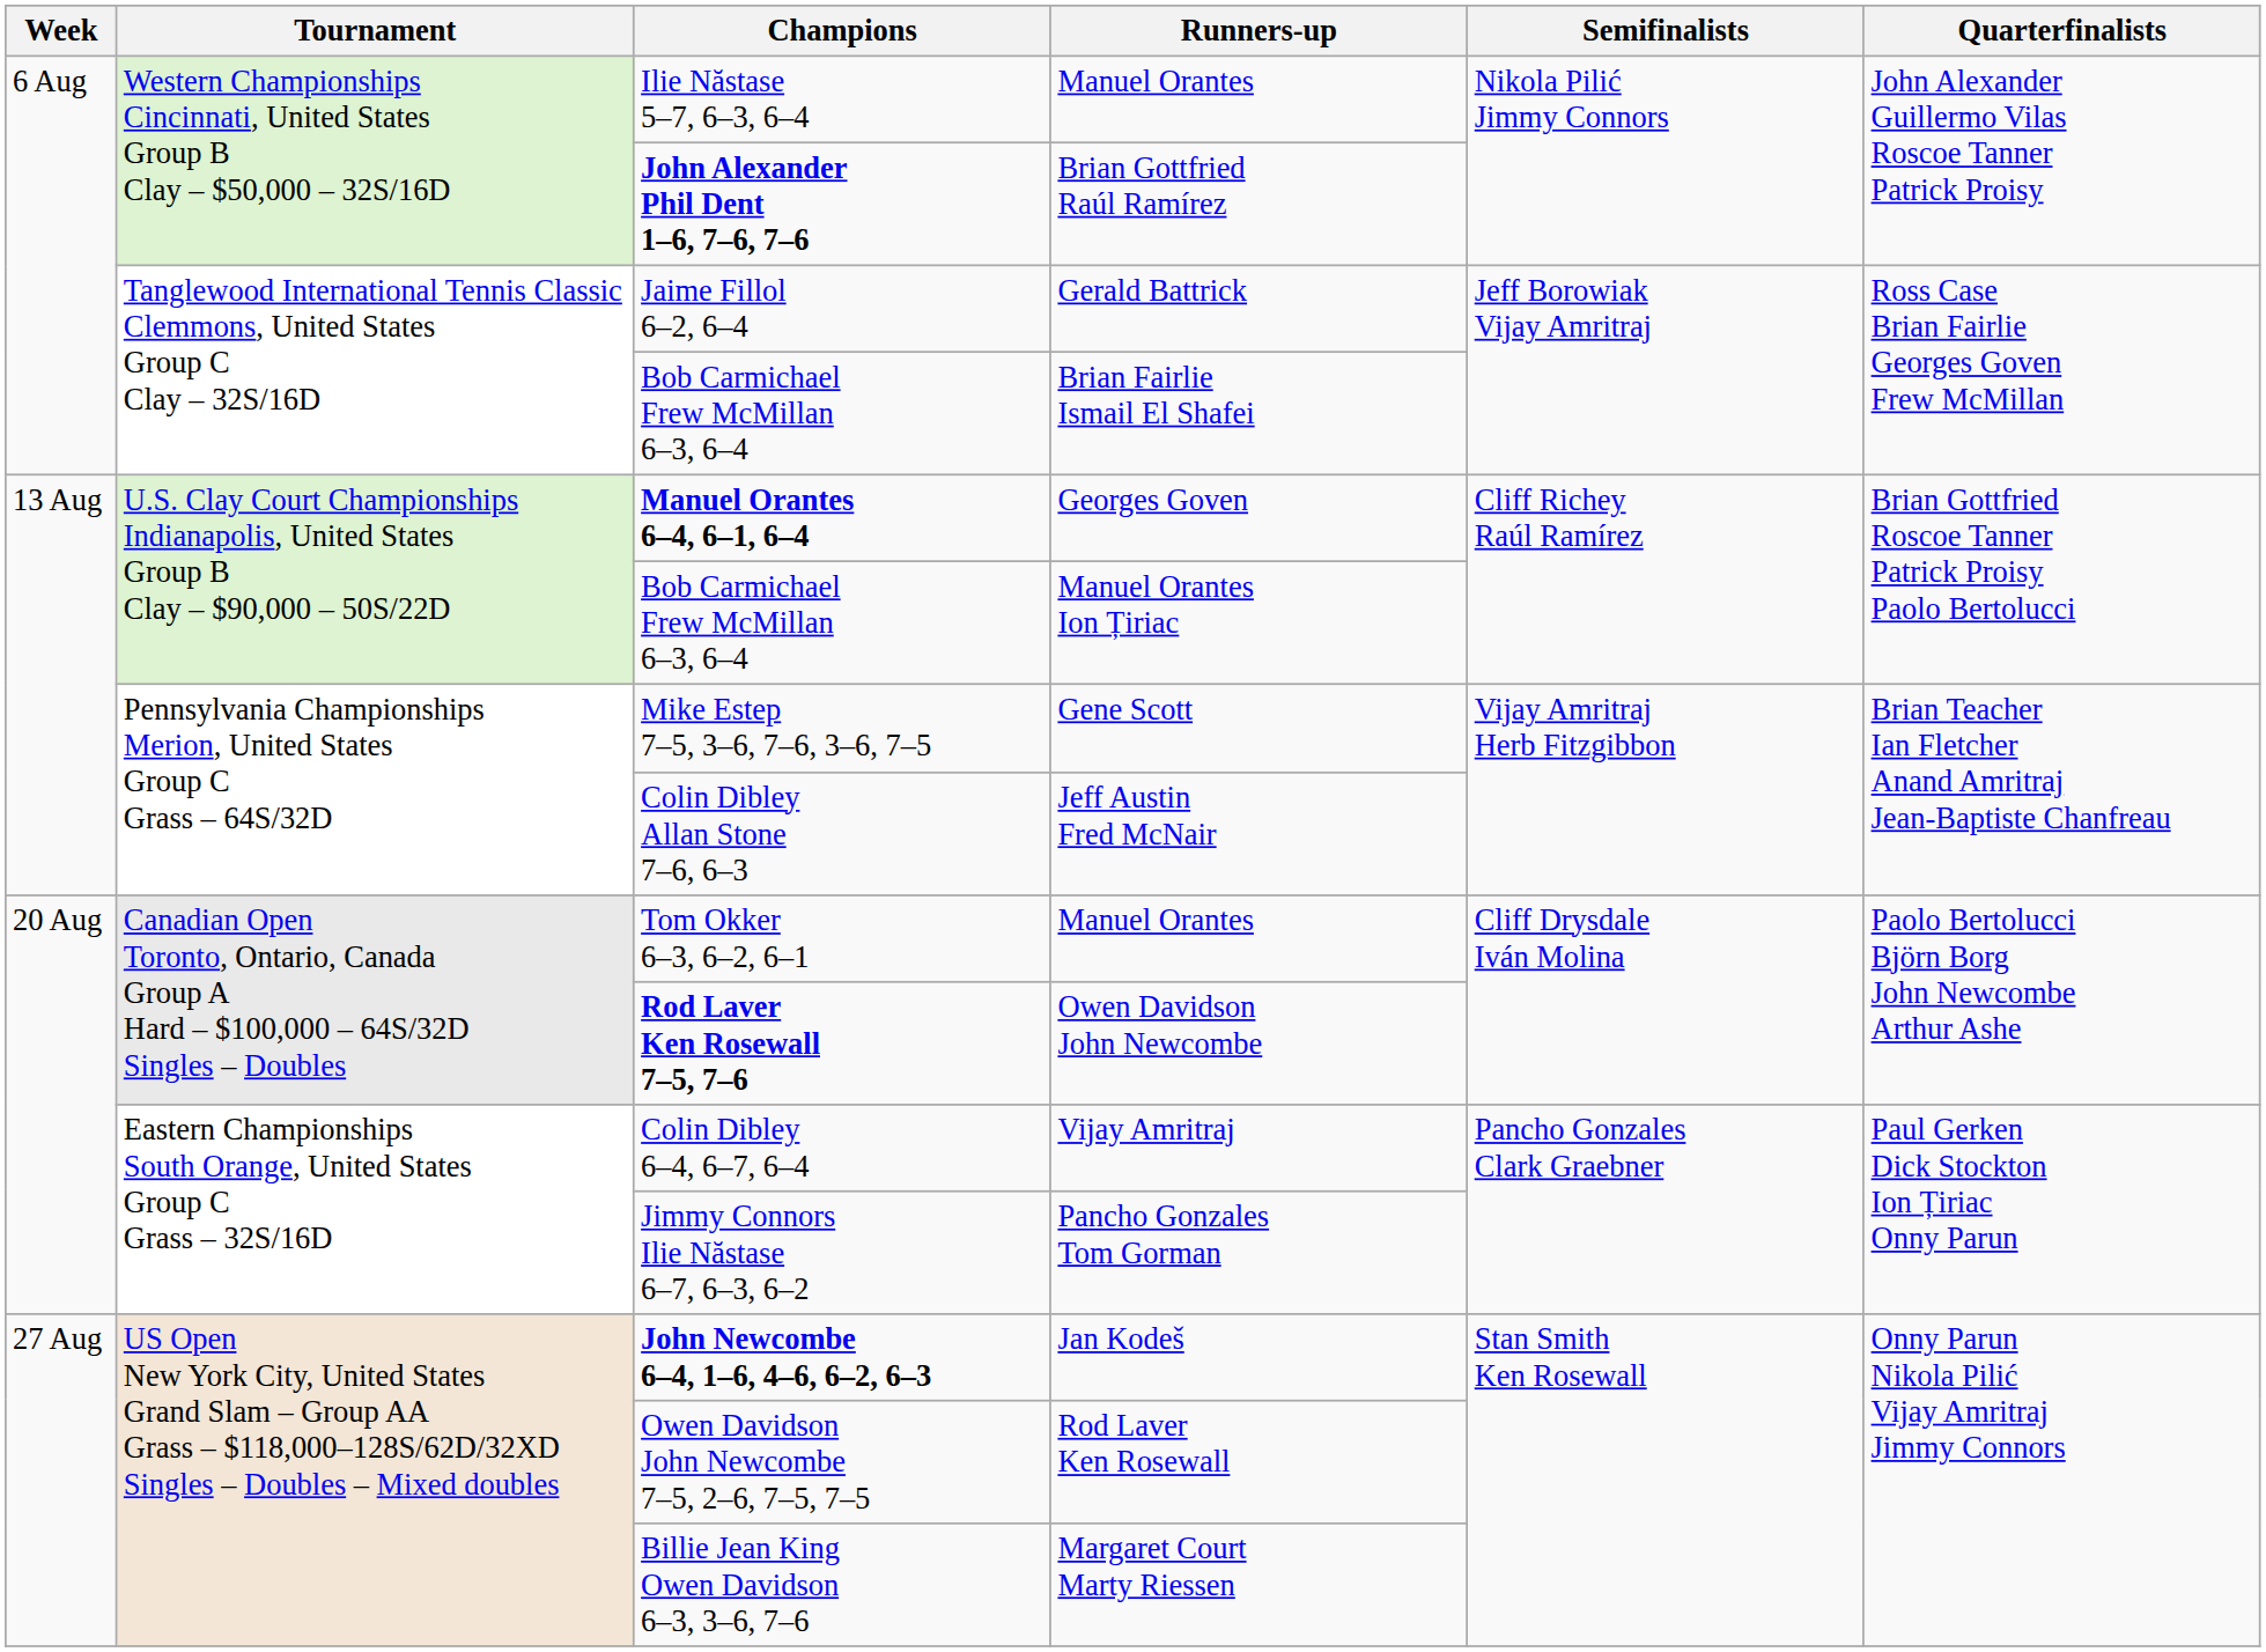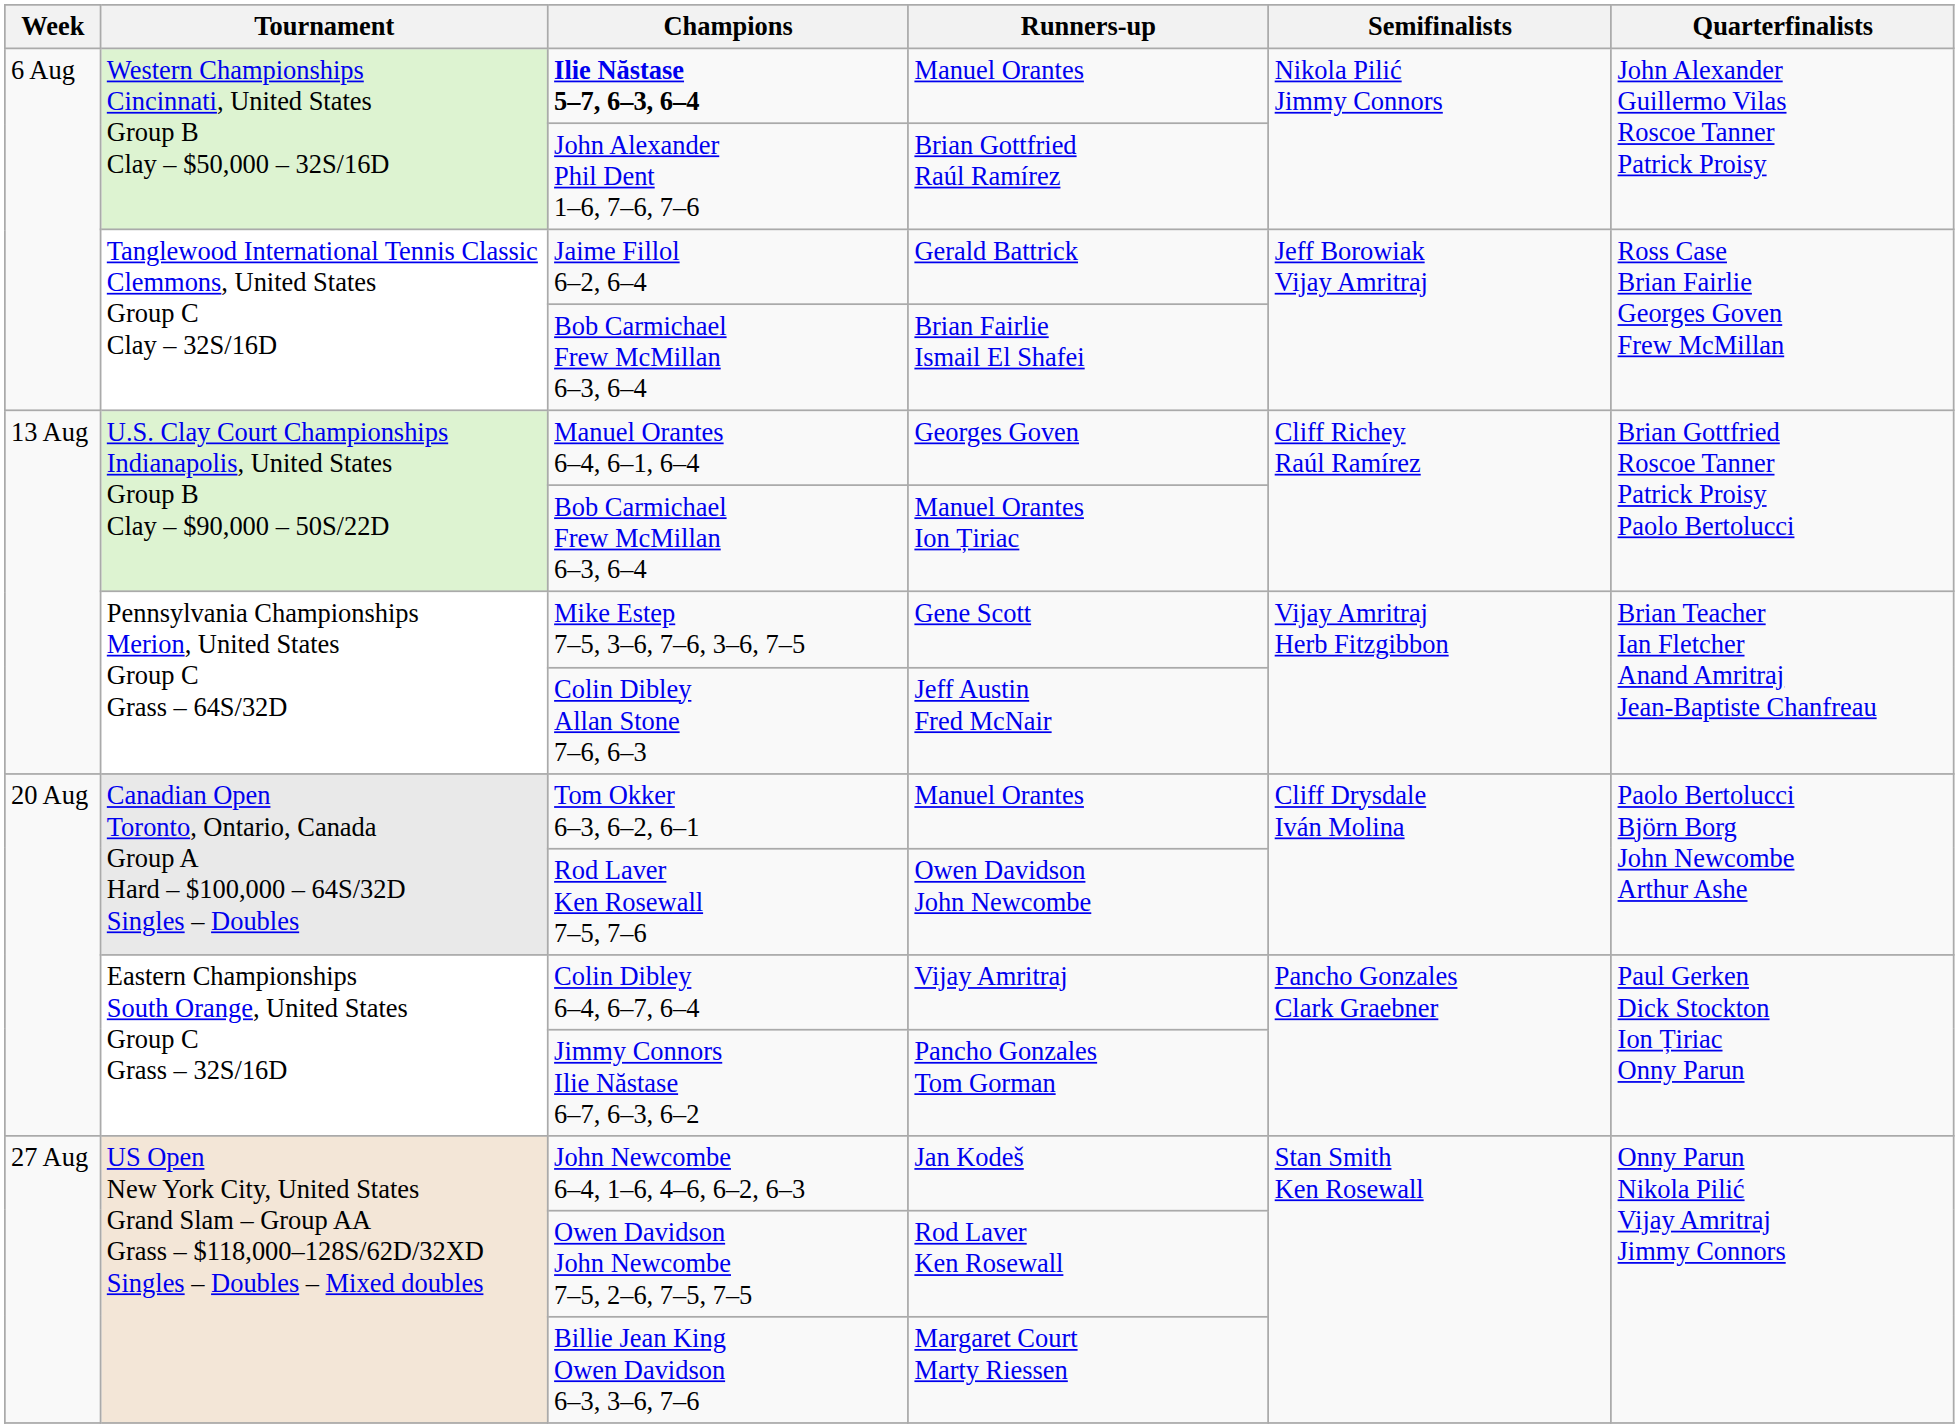 <table class=wikitable style=font-size:95%>
 <tr>
 <th style="width:48px;">Week</th>
 <th style="width:250px;">Tournament</th>
 <th style="width:200px;">Champions</th>
 <th style="width:200px;">Runners-up</th>
 <th style="width:190px;">Semifinalists</th>
 <th style="width:190px;">Quarterfinalists</th>
 </tr>
 <tr valign=top>
 <td rowspan=4>6 Aug</td>
 <td style="background:#DDF3D1 ;" rowspan="2"><a href='#'>Western Championships</a> <br> <a href='#'>Cincinnati</a>, United States <br> Group B <br>  Clay – $50,000 – 32S/16D</td>
-<td> <a href='#'>Ilie Năstase</a> <br> 5–7, 6–3, 6–4</td>
+<td><strong> <a href='#'>Ilie Năstase</a> <br> 5–7, 6–3, 6–4</strong></td>
 <td> <a href='#'>Manuel Orantes</a></td>
 <td rowspan=2> <a href='#'>Nikola Pilić</a> <br>  <a href='#'>Jimmy Connors</a></td>
 <td rowspan=2> <a href='#'>John Alexander</a> <br>  <a href='#'>Guillermo Vilas</a> <br>  <a href='#'>Roscoe Tanner</a> <br>  <a href='#'>Patrick Proisy</a></td>
 </tr>
 <tr valign=top>
-<td><strong> <a href='#'>John Alexander</a> <br>  <a href='#'>Phil Dent</a> <br> 1–6, 7–6, 7–6</strong></td>
+<td> <a href='#'>John Alexander</a> <br>  <a href='#'>Phil Dent</a> <br> 1–6, 7–6, 7–6</td>
 <td> <a href='#'>Brian Gottfried</a> <br>  <a href='#'>Raúl Ramírez</a></td>
 </tr>
 <tr valign=top>
 <td style="background:#fff;" rowspan="2"><a href='#'>Tanglewood International Tennis Classic</a> <br> <a href='#'>Clemmons</a>, United States <br> Group C <br> Clay – 32S/16D</td>
 <td> <a href='#'>Jaime Fillol</a> <br> 6–2, 6–4</td>
 <td> <a href='#'>Gerald Battrick</a></td>
 <td rowspan=2> <a href='#'>Jeff Borowiak</a> <br>  <a href='#'>Vijay Amritraj</a></td>
 <td rowspan=2> <a href='#'>Ross Case</a> <br>  <a href='#'>Brian Fairlie</a> <br>  <a href='#'>Georges Goven</a> <br>  <a href='#'>Frew McMillan</a></td>
 </tr>
 <tr valign=top>
 <td> <a href='#'>Bob Carmichael</a> <br>  <a href='#'>Frew McMillan</a> <br> 6–3, 6–4</td>
 <td> <a href='#'>Brian Fairlie</a> <br>  <a href='#'>Ismail El Shafei</a></td>
 </tr>
 <tr valign=top>
 <td rowspan=4>13 Aug</td>
 <td style="background:#DDF3D1 ;" rowspan="2"><a href='#'>U.S. Clay Court Championships</a> <br> <a href='#'>Indianapolis</a>, United States <br> Group B <br>  Clay – $90,000 – 50S/22D</td>
-<td><strong> <a href='#'>Manuel Orantes</a> <br> 6–4, 6–1, 6–4</strong></td>
+<td> <a href='#'>Manuel Orantes</a> <br> 6–4, 6–1, 6–4</td>
 <td> <a href='#'>Georges Goven</a></td>
 <td rowspan=2> <a href='#'>Cliff Richey</a> <br>  <a href='#'>Raúl Ramírez</a></td>
 <td rowspan=2> <a href='#'>Brian Gottfried</a> <br>  <a href='#'>Roscoe Tanner</a> <br>  <a href='#'>Patrick Proisy</a> <br>  <a href='#'>Paolo Bertolucci</a></td>
 </tr>
 <tr valign=top>
 <td> <a href='#'>Bob Carmichael</a> <br>  <a href='#'>Frew McMillan</a> <br> 6–3, 6–4</td>
 <td> <a href='#'>Manuel Orantes</a> <br>  <a href='#'>Ion Țiriac</a></td>
 </tr>
 <tr valign=top>
 <td style="background:#fff;" rowspan="2">Pennsylvania Championships <br> <a href='#'>Merion</a>, United States <br> Group C <br> Grass – 64S/32D</td>
 <td> <a href='#'>Mike Estep</a> <br> 7–5, 3–6, 7–6, 3–6, 7–5</td>
 <td> <a href='#'>Gene Scott</a></td>
 <td rowspan=2> <a href='#'>Vijay Amritraj</a> <br>  <a href='#'>Herb Fitzgibbon</a></td>
 <td rowspan=2> <a href='#'>Brian Teacher</a> <br>  <a href='#'>Ian Fletcher</a> <br>  <a href='#'>Anand Amritraj</a> <br>  <a href='#'>Jean-Baptiste Chanfreau</a></td>
 </tr>
 <tr valign=top>
 <td> <a href='#'>Colin Dibley</a> <br>  <a href='#'>Allan Stone</a> <br> 7–6, 6–3</td>
 <td> <a href='#'>Jeff Austin</a> <br>  <a href='#'>Fred McNair</a></td>
 </tr>
 <tr valign=top>
 <td rowspan=4>20 Aug</td>
 <td style="background:#E9E9E9;" rowspan="2"><a href='#'>Canadian Open</a> <br> <a href='#'>Toronto</a>, Ontario, Canada <br> Group A <br>  Hard – $100,000 – 64S/32D <br> <a href='#'>Singles</a> – <a href='#'>Doubles</a></td>
 <td> <a href='#'>Tom Okker</a> <br> 6–3, 6–2, 6–1</td>
 <td> <a href='#'>Manuel Orantes</a></td>
 <td rowspan=2> <a href='#'>Cliff Drysdale</a> <br>  <a href='#'>Iván Molina</a></td>
 <td rowspan=2> <a href='#'>Paolo Bertolucci</a> <br>  <a href='#'>Björn Borg</a> <br>  <a href='#'>John Newcombe</a> <br>  <a href='#'>Arthur Ashe</a></td>
 </tr>
 <tr valign=top>
-<td><strong> <a href='#'>Rod Laver</a> <br>  <a href='#'>Ken Rosewall</a> <br> 7–5, 7–6</strong></td>
+<td> <a href='#'>Rod Laver</a> <br>  <a href='#'>Ken Rosewall</a> <br> 7–5, 7–6</td>
 <td> <a href='#'>Owen Davidson</a> <br>  <a href='#'>John Newcombe</a></td>
 </tr>
 <tr valign=top>
 <td style="background:#fff;" rowspan="2">Eastern Championships <br> <a href='#'>South Orange</a>, United States <br> Group C <br> Grass – 32S/16D</td>
 <td> <a href='#'>Colin Dibley</a> <br> 6–4, 6–7, 6–4</td>
 <td> <a href='#'>Vijay Amritraj</a></td>
 <td rowspan=2> <a href='#'>Pancho Gonzales</a> <br>  <a href='#'>Clark Graebner</a></td>
 <td rowspan=2> <a href='#'>Paul Gerken</a> <br>  <a href='#'>Dick Stockton</a> <br>  <a href='#'>Ion Țiriac</a> <br>  <a href='#'>Onny Parun</a></td>
 </tr>
 <tr valign=top>
 <td> <a href='#'>Jimmy Connors</a> <br>  <a href='#'>Ilie Năstase</a> <br> 6–7, 6–3, 6–2</td>
 <td> <a href='#'>Pancho Gonzales</a> <br>  <a href='#'>Tom Gorman</a></td>
 </tr>
 <tr valign=top>
 <td rowspan=3>27 Aug</td>
 <td style="background:#F3E6D7;" rowspan="3"><a href='#'>US Open</a><br> New York City, United States <br> Grand Slam – Group AA <br> Grass – $118,000–128S/62D/32XD <br> <a href='#'>Singles</a> – <a href='#'>Doubles</a> – <a href='#'>Mixed doubles</a></td>
-<td><strong> <a href='#'>John Newcombe</a> <br> 6–4, 1–6, 4–6, 6–2, 6–3</strong></td>
+<td> <a href='#'>John Newcombe</a> <br> 6–4, 1–6, 4–6, 6–2, 6–3</td>
 <td> <a href='#'>Jan Kodeš</a></td>
 <td rowspan=3> <a href='#'>Stan Smith</a> <br>  <a href='#'>Ken Rosewall</a></td>
 <td rowspan=3> <a href='#'>Onny Parun</a> <br>  <a href='#'>Nikola Pilić</a> <br>  <a href='#'>Vijay Amritraj</a> <br>  <a href='#'>Jimmy Connors</a></td>
 </tr>
 <tr valign=top>
 <td> <a href='#'>Owen Davidson</a> <br>  <a href='#'>John Newcombe</a> <br> 7–5, 2–6, 7–5, 7–5</td>
 <td> <a href='#'>Rod Laver</a> <br>  <a href='#'>Ken Rosewall</a></td>
 </tr>
 <tr valign=top>
 <td> <a href='#'>Billie Jean King</a> <br>  <a href='#'>Owen Davidson</a> <br> 6–3, 3–6, 7–6</td>
 <td> <a href='#'>Margaret Court</a> <br>  <a href='#'>Marty Riessen</a></td>
 </tr>
 </table>
